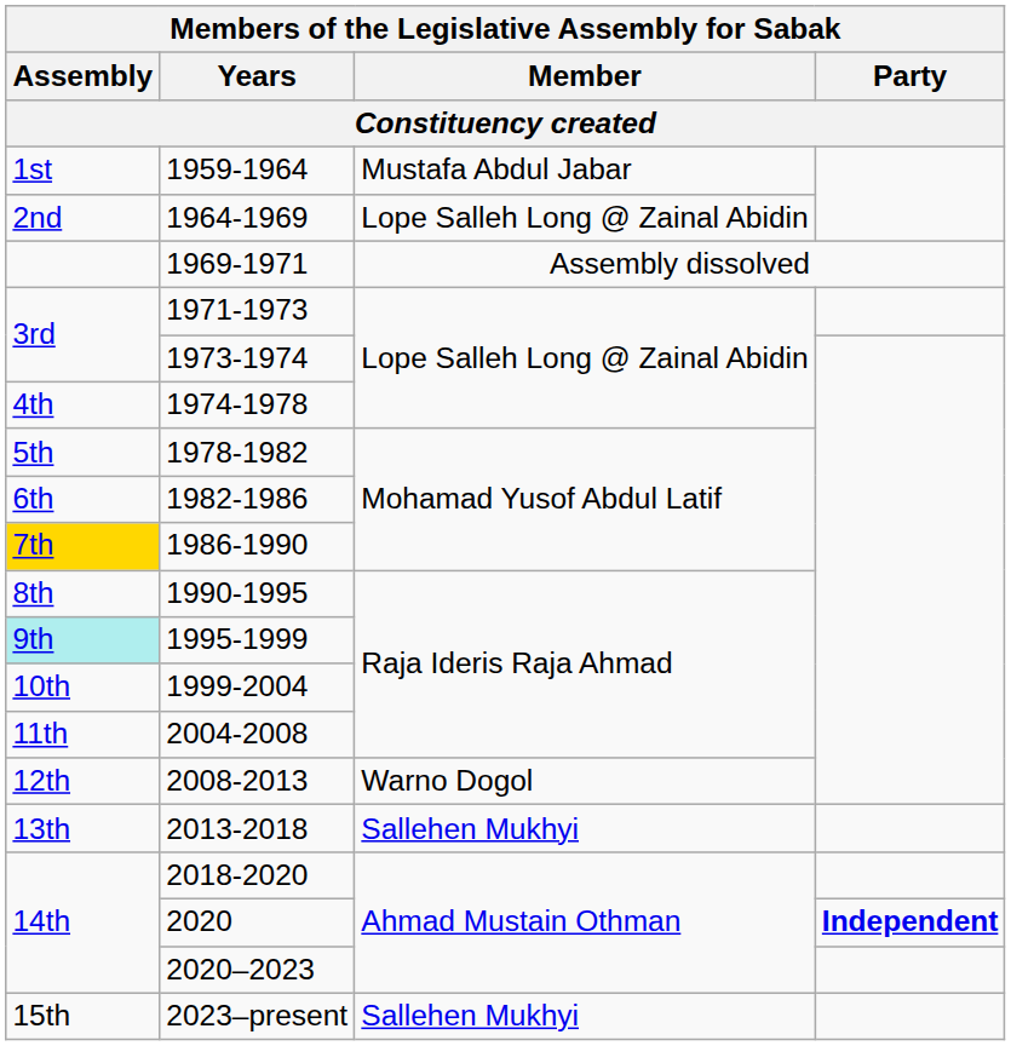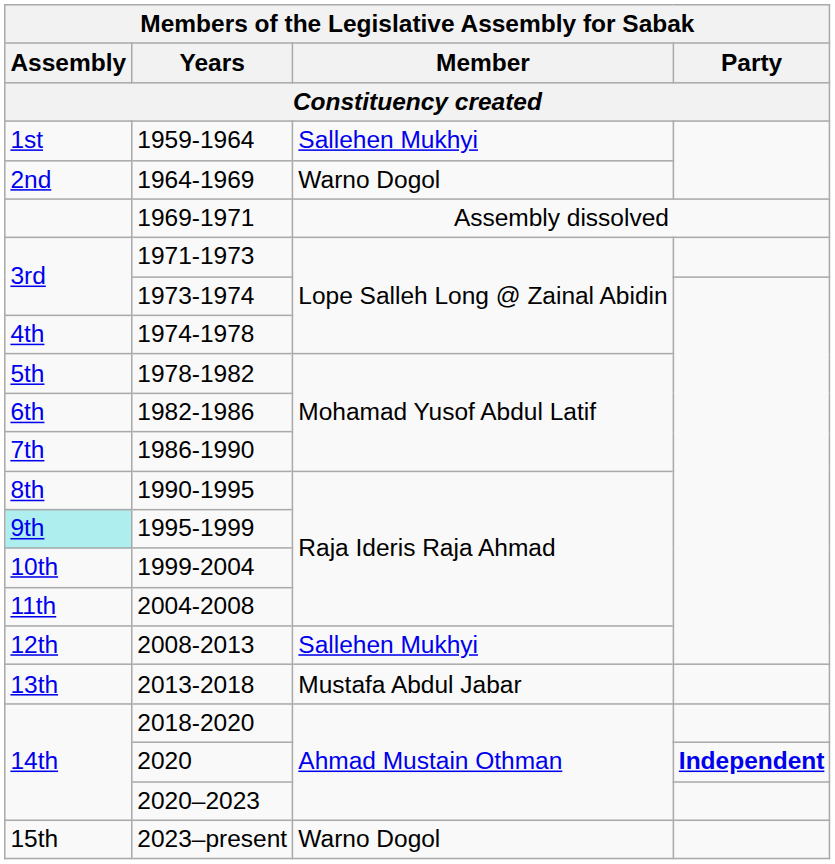 <table class=wikitable>
 <tr>
 <th colspan=4>Members of the Legislative Assembly for Sabak</th>
 </tr>
 <tr>
 <th>Assembly</th>
 <th>Years</th>
 <th>Member</th>
 <th>Party</th>
 </tr>
 <tr>
 <th colspan=4 align=center><em>Constituency created</em></th>
 </tr>
 <tr>
 <td><a href='#'>1st</a></td>
 <td>1959-1964</td>
-<td>Mustafa Abdul Jabar</td>
+<td><a href='#'>Sallehen Mukhyi</a></td>
 <td rowspan=2></td>
 </tr>
 <tr>
 <td><a href='#'>2nd</a></td>
 <td>1964-1969</td>
-<td>Lope Salleh Long @ Zainal Abidin</td>
+<td>Warno Dogol</td>
 </tr>
 <tr>
 <td></td>
 <td>1969-1971</td>
 <td colspan=2 align=center>Assembly dissolved</td>
 </tr>
 <tr>
 <td rowspan=2><a href='#'>3rd</a></td>
 <td>1971-1973</td>
 <td rowspan=3>Lope Salleh Long @ Zainal Abidin</td>
 <td></td>
 </tr>
 <tr>
 <td>1973-1974</td>
 <td rowspan=10></td>
 </tr>
 <tr>
 <td><a href='#'>4th</a></td>
 <td>1974-1978</td>
 </tr>
 <tr>
 <td><a href='#'>5th</a></td>
 <td>1978-1982</td>
 <td rowspan=3>Mohamad Yusof Abdul Latif</td>
 </tr>
 <tr>
 <td><a href='#'>6th</a></td>
 <td>1982-1986</td>
 </tr>
 <tr>
-<td style="background: gold;"><a href='#'>7th</a></td>
+<td><a href='#'>7th</a></td>
 <td>1986-1990</td>
 </tr>
 <tr>
 <td><a href='#'>8th</a></td>
 <td>1990-1995</td>
 <td rowspan=4>Raja Ideris Raja Ahmad</td>
 </tr>
 <tr>
 <td style="background: paleturquoise;"><a href='#'>9th</a></td>
 <td>1995-1999</td>
 </tr>
 <tr>
 <td><a href='#'>10th</a></td>
 <td>1999-2004</td>
 </tr>
 <tr>
 <td><a href='#'>11th</a></td>
 <td>2004-2008</td>
 </tr>
 <tr>
 <td><a href='#'>12th</a></td>
 <td>2008-2013</td>
-<td>Warno Dogol</td>
+<td><a href='#'>Sallehen Mukhyi</a></td>
 </tr>
 <tr>
 <td><a href='#'>13th</a></td>
 <td>2013-2018</td>
-<td><a href='#'>Sallehen Mukhyi</a></td>
+<td>Mustafa Abdul Jabar</td>
 <td></td>
 </tr>
 <tr>
 <td rowspan="3"><a href='#'>14th</a></td>
 <td>2018-2020</td>
 <td rowspan="3"><a href='#'>Ahmad Mustain Othman</a></td>
 <td></td>
 </tr>
 <tr>
 <td>2020</td>
 <td><strong><a href='#'>Independent</a></strong></td>
 </tr>
 <tr>
 <td>2020–2023</td>
 <td></td>
 </tr>
 <tr>
 <td>15th</td>
 <td>2023–present</td>
-<td><a href='#'>Sallehen Mukhyi</a></td>
+<td>Warno Dogol</td>
 <td></td>
 </tr>
 </table>
